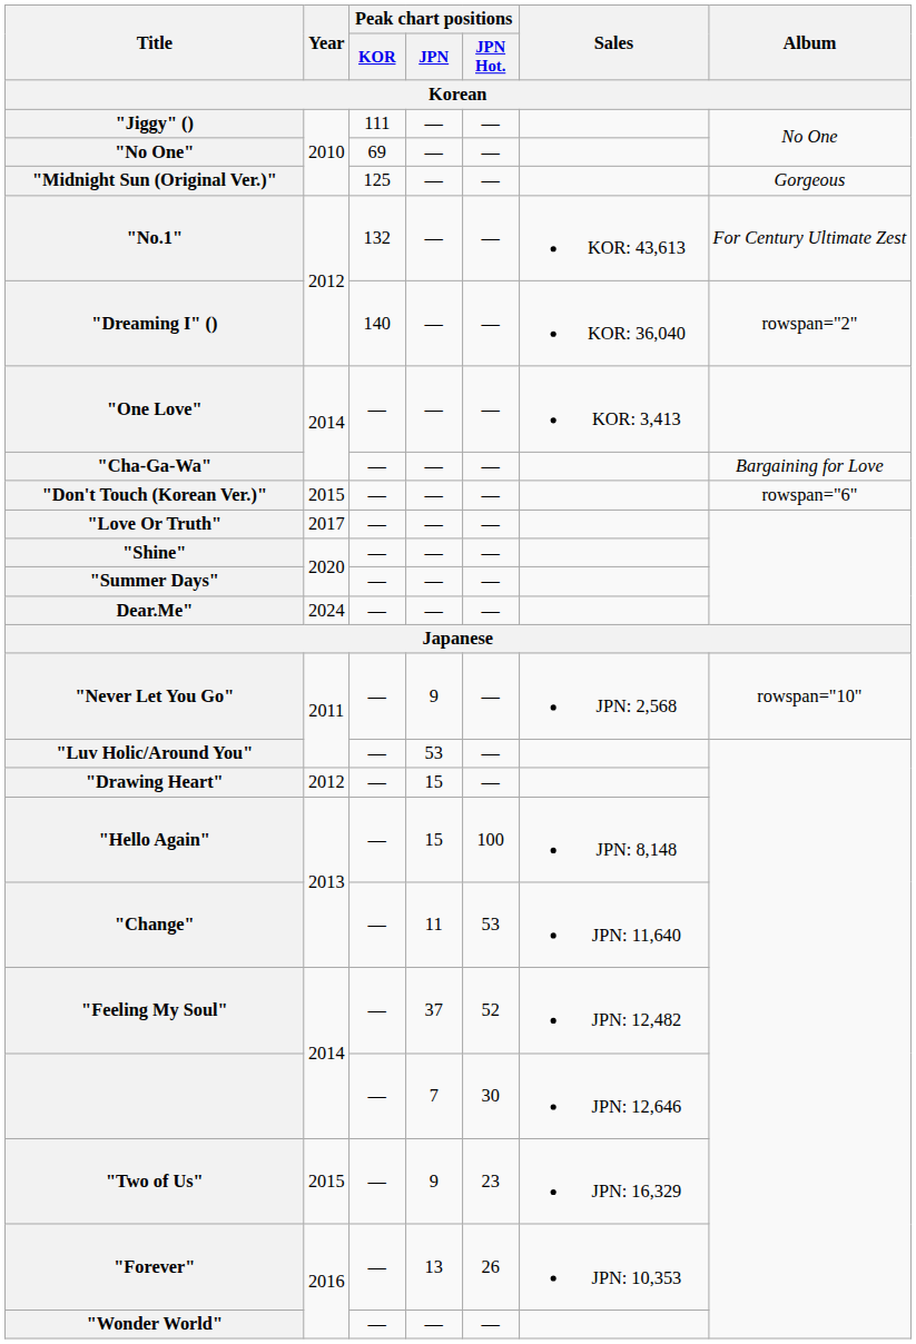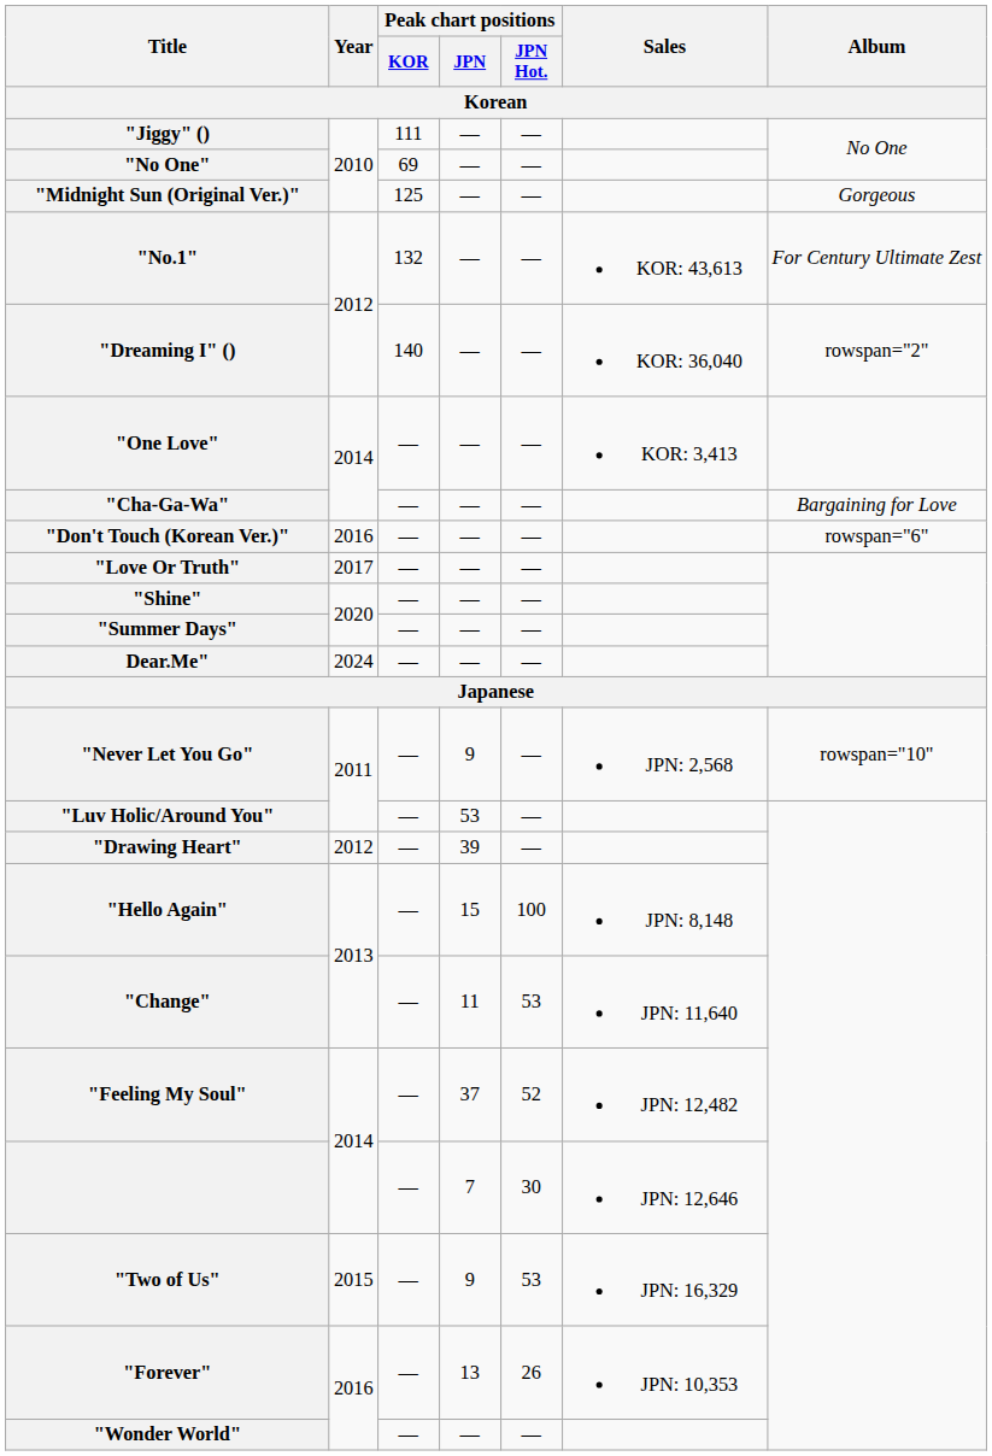 <table class="wikitable plainrowheaders" style="text-align:center;" border="1">
 <tr>
 <th scope="col" rowspan="2" style="width:16em;">Title</th>
 <th scope="col" rowspan="2">Year</th>
 <th scope="col" colspan="3">Peak chart positions</th>
 <th scope="col" rowspan="2" style="width:10em;">Sales</th>
 <th scope="col" rowspan="2">Album</th>
 </tr>
 <tr>
 <th scope="col" style="width:3em;font-size:90%;"><a href='#'>KOR</a><br></th>
 <th scope="col" style="width:3em;font-size:90%;"><a href='#'>JPN</a><br></th>
 <th scope="col" style="width:3em;font-size:90%;"><a href='#'>JPN Hot.</a><br></th>
 </tr>
 <tr>
 <th scope="col" colspan="7">Korean</th>
 </tr>
 <tr>
 <th scope="row">"Jiggy" ()</th>
 <td rowspan="3">2010</td>
 <td>111</td>
 <td>—</td>
 <td>—</td>
 <td></td>
 <td rowspan="2"><em>No One</em></td>
 </tr>
 <tr>
 <th scope="row">"No One"</th>
 <td>69</td>
 <td>—</td>
 <td>—</td>
 <td></td>
 </tr>
 <tr>
 <th scope="row">"Midnight Sun (Original Ver.)"</th>
 <td>125</td>
 <td>—</td>
 <td>—</td>
 <td></td>
 <td><em>Gorgeous</em></td>
 </tr>
 <tr>
 <th scope="row">"No.1"</th>
 <td rowspan="2">2012</td>
 <td>132</td>
 <td>—</td>
 <td>—</td>
 <td><br><ul><li>KOR: 43,613</li></ul></td>
 <td><em>For Century Ultimate Zest</em></td>
 </tr>
 <tr>
 <th scope="row">"Dreaming I" ()</th>
 <td>140</td>
 <td>—</td>
 <td>—</td>
 <td><br><ul><li>KOR: 36,040</li></ul></td>
 <td>rowspan="2" </td>
 </tr>
 <tr>
 <th scope="row">"One Love"</th>
 <td rowspan="2">2014</td>
 <td>—</td>
 <td>—</td>
 <td>—</td>
 <td><br><ul><li>KOR: 3,413</li></ul></td>
 </tr>
 <tr>
 <th scope="row">"Cha-Ga-Wa"</th>
 <td>—</td>
 <td>—</td>
 <td>—</td>
 <td></td>
 <td><em>Bargaining for Love</em></td>
 </tr>
 <tr>
 <th scope="row">"Don't Touch (Korean Ver.)"</th>
-<td>2015</td>
+<td>2016</td>
 <td>—</td>
 <td>—</td>
 <td>—</td>
 <td></td>
 <td>rowspan="6" </td>
 </tr>
 <tr>
 <th scope="row">"Love Or Truth"</th>
 <td>2017</td>
 <td>—</td>
 <td>—</td>
 <td>—</td>
 <td></td>
 </tr>
 <tr>
 <th scope="row">"Shine"</th>
 <td rowspan="2">2020</td>
 <td>—</td>
 <td>—</td>
 <td>—</td>
 <td></td>
 </tr>
 <tr>
 <th scope="row">"Summer Days"</th>
 <td>—</td>
 <td>—</td>
 <td>—</td>
 <td></td>
 </tr>
 <tr>
 <th scope="row">Dear.Me"</th>
 <td>2024</td>
 <td>—</td>
 <td>—</td>
 <td>—</td>
 <td></td>
 </tr>
 <tr>
 <th scope="col" colspan="7">Japanese</th>
 </tr>
 <tr>
 <th scope="row">"Never Let You Go"</th>
 <td rowspan="2">2011</td>
 <td>—</td>
 <td>9</td>
 <td>—</td>
 <td><br><ul><li>JPN: 2,568</li></ul></td>
 <td>rowspan="10" </td>
 </tr>
 <tr>
 <th scope="row">"Luv Holic/Around You"</th>
 <td>—</td>
 <td>53</td>
 <td>—</td>
 <td></td>
 </tr>
 <tr>
 <th scope="row">"Drawing Heart"</th>
 <td>2012</td>
 <td>—</td>
-<td>15</td>
+<td>39</td>
 <td>—</td>
 <td></td>
 </tr>
 <tr>
 <th scope="row">"Hello Again"</th>
 <td rowspan="2">2013</td>
 <td>—</td>
 <td>15</td>
 <td>100</td>
 <td><br><ul><li>JPN: 8,148</li></ul></td>
 </tr>
 <tr>
 <th scope="row">"Change"</th>
 <td>—</td>
 <td>11</td>
 <td>53</td>
 <td><br><ul><li>JPN: 11,640</li></ul></td>
 </tr>
 <tr>
 <th scope="row">"Feeling My Soul"</th>
 <td rowspan="2">2014</td>
 <td>—</td>
 <td>37</td>
 <td>52</td>
 <td><br><ul><li>JPN: 12,482</li></ul></td>
 </tr>
 <tr>
 <th scope="row"></th>
 <td>—</td>
 <td>7</td>
 <td>30</td>
 <td><br><ul><li>JPN: 12,646</li></ul></td>
 </tr>
 <tr>
 <th scope="row">"Two of Us"</th>
 <td>2015</td>
 <td>—</td>
 <td>9</td>
-<td>23</td>
+<td>53</td>
 <td><br><ul><li>JPN: 16,329</li></ul></td>
 </tr>
 <tr>
 <th scope="row">"Forever"</th>
 <td rowspan="2">2016</td>
 <td>—</td>
 <td>13</td>
 <td>26</td>
 <td><br><ul><li>JPN: 10,353</li></ul></td>
 </tr>
 <tr>
 <th scope="row">"Wonder World"</th>
 <td>—</td>
 <td>—</td>
 <td>—</td>
 <td></td>
 </tr>
 </table>
